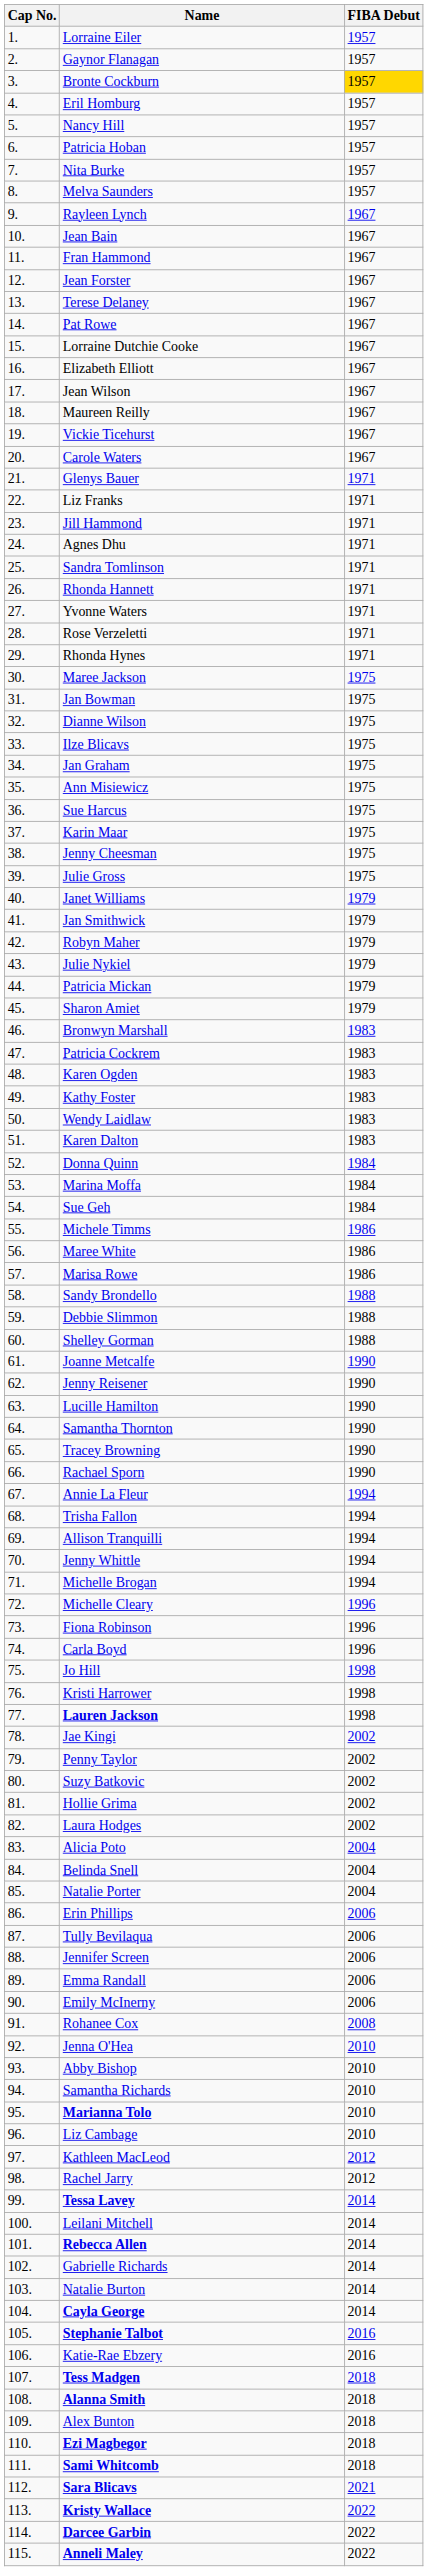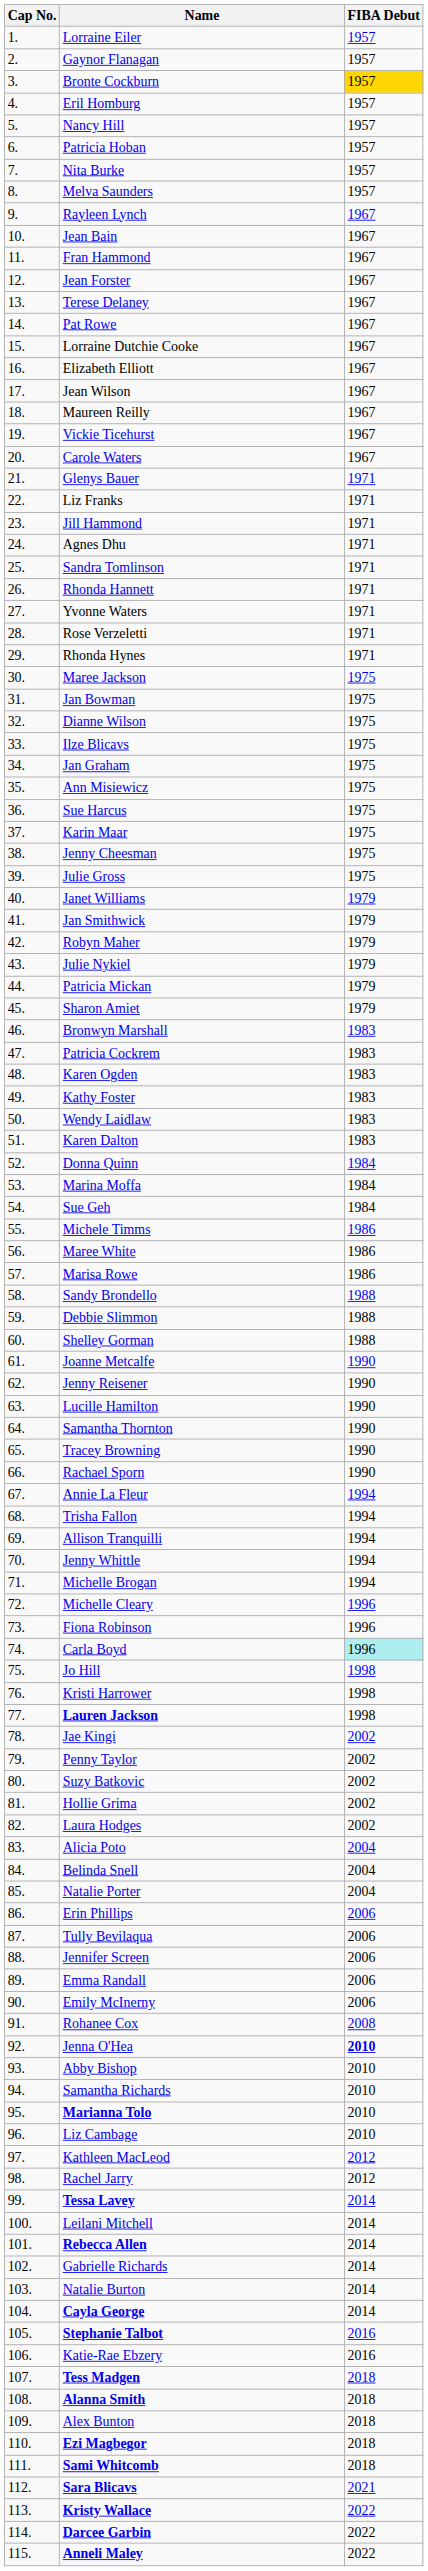 <table class="wikitable collapsible collapsed" style="text-align: left; font-size:100%">
 <tr>
 <th>Cap No.</th>
 <th style="width:20em">Name</th>
 <th>FIBA Debut</th>
 </tr>
 <tr>
 <td>1.</td>
 <td><a href='#'>Lorraine Eiler</a></td>
 <td><a href='#'>1957</a></td>
 </tr>
 <tr>
 <td>2.</td>
 <td><a href='#'>Gaynor Flanagan</a></td>
 <td>1957</td>
 </tr>
 <tr>
 <td>3.</td>
 <td><a href='#'>Bronte Cockburn</a></td>
 <td style="background: gold;">1957</td>
 </tr>
 <tr>
 <td>4.</td>
 <td><a href='#'>Eril Homburg</a></td>
 <td>1957</td>
 </tr>
 <tr>
 <td>5.</td>
 <td><a href='#'>Nancy Hill</a></td>
 <td>1957</td>
 </tr>
 <tr>
 <td>6.</td>
 <td><a href='#'>Patricia Hoban</a></td>
 <td>1957</td>
 </tr>
 <tr>
 <td>7.</td>
 <td><a href='#'>Nita Burke</a></td>
 <td>1957</td>
 </tr>
 <tr>
 <td>8.</td>
 <td><a href='#'>Melva Saunders</a></td>
 <td>1957</td>
 </tr>
 <tr>
 <td>9.</td>
 <td><a href='#'>Rayleen Lynch</a></td>
 <td><a href='#'>1967</a></td>
 </tr>
 <tr>
 <td>10.</td>
 <td><a href='#'>Jean Bain</a></td>
 <td>1967</td>
 </tr>
 <tr>
 <td>11.</td>
 <td><a href='#'>Fran Hammond</a></td>
 <td>1967</td>
 </tr>
 <tr>
 <td>12.</td>
 <td><a href='#'>Jean Forster</a></td>
 <td>1967</td>
 </tr>
 <tr>
 <td>13.</td>
 <td><a href='#'>Terese Delaney</a></td>
 <td>1967</td>
 </tr>
 <tr>
 <td>14.</td>
 <td><a href='#'>Pat Rowe</a></td>
 <td>1967</td>
 </tr>
 <tr>
 <td>15.</td>
 <td>Lorraine Dutchie Cooke</td>
 <td>1967</td>
 </tr>
 <tr>
 <td>16.</td>
 <td>Elizabeth Elliott</td>
 <td>1967</td>
 </tr>
 <tr>
 <td>17.</td>
 <td>Jean Wilson</td>
 <td>1967</td>
 </tr>
 <tr>
 <td>18.</td>
 <td>Maureen Reilly</td>
 <td>1967</td>
 </tr>
 <tr>
 <td>19.</td>
 <td><a href='#'>Vickie Ticehurst</a></td>
 <td>1967</td>
 </tr>
 <tr>
 <td>20.</td>
 <td><a href='#'>Carole Waters</a></td>
 <td>1967</td>
 </tr>
 <tr>
 <td>21.</td>
 <td><a href='#'>Glenys Bauer</a></td>
 <td><a href='#'>1971</a></td>
 </tr>
 <tr>
 <td>22.</td>
 <td>Liz Franks</td>
 <td>1971</td>
 </tr>
 <tr>
 <td>23.</td>
 <td><a href='#'>Jill Hammond</a></td>
 <td>1971</td>
 </tr>
 <tr>
 <td>24.</td>
 <td>Agnes Dhu</td>
 <td>1971</td>
 </tr>
 <tr>
 <td>25.</td>
 <td><a href='#'>Sandra Tomlinson</a></td>
 <td>1971</td>
 </tr>
 <tr>
 <td>26.</td>
 <td><a href='#'>Rhonda Hannett</a></td>
 <td>1971</td>
 </tr>
 <tr>
 <td>27.</td>
 <td>Yvonne Waters</td>
 <td>1971</td>
 </tr>
 <tr>
 <td>28.</td>
 <td>Rose Verzeletti</td>
 <td>1971</td>
 </tr>
 <tr>
 <td>29.</td>
 <td>Rhonda Hynes</td>
 <td>1971</td>
 </tr>
 <tr>
 <td>30.</td>
 <td><a href='#'>Maree Jackson</a></td>
 <td><a href='#'>1975</a></td>
 </tr>
 <tr>
 <td>31.</td>
 <td><a href='#'>Jan Bowman</a></td>
 <td>1975</td>
 </tr>
 <tr>
 <td>32.</td>
 <td><a href='#'>Dianne Wilson</a></td>
 <td>1975</td>
 </tr>
 <tr>
 <td>33.</td>
 <td><a href='#'>Ilze Blicavs</a></td>
 <td>1975</td>
 </tr>
 <tr>
 <td>34.</td>
 <td><a href='#'>Jan Graham</a></td>
 <td>1975</td>
 </tr>
 <tr>
 <td>35.</td>
 <td><a href='#'>Ann Misiewicz</a></td>
 <td>1975</td>
 </tr>
 <tr>
 <td>36.</td>
 <td><a href='#'>Sue Harcus</a></td>
 <td>1975</td>
 </tr>
 <tr>
 <td>37.</td>
 <td><a href='#'>Karin Maar</a></td>
 <td>1975</td>
 </tr>
 <tr>
 <td>38.</td>
 <td><a href='#'>Jenny Cheesman</a></td>
 <td>1975</td>
 </tr>
 <tr>
 <td>39.</td>
 <td><a href='#'>Julie Gross</a></td>
 <td>1975</td>
 </tr>
 <tr>
 <td>40.</td>
 <td><a href='#'>Janet Williams</a></td>
 <td><a href='#'>1979</a></td>
 </tr>
 <tr>
 <td>41.</td>
 <td><a href='#'>Jan Smithwick</a></td>
 <td>1979</td>
 </tr>
 <tr>
 <td>42.</td>
 <td><a href='#'>Robyn Maher</a></td>
 <td>1979</td>
 </tr>
 <tr>
 <td>43.</td>
 <td><a href='#'>Julie Nykiel</a></td>
 <td>1979</td>
 </tr>
 <tr>
 <td>44.</td>
 <td><a href='#'>Patricia Mickan</a></td>
 <td>1979</td>
 </tr>
 <tr>
 <td>45.</td>
 <td><a href='#'>Sharon Amiet</a></td>
 <td>1979</td>
 </tr>
 <tr>
 <td>46.</td>
 <td><a href='#'>Bronwyn Marshall</a></td>
 <td><a href='#'>1983</a></td>
 </tr>
 <tr>
 <td>47.</td>
 <td><a href='#'>Patricia Cockrem</a></td>
 <td>1983</td>
 </tr>
 <tr>
 <td>48.</td>
 <td><a href='#'>Karen Ogden</a></td>
 <td>1983</td>
 </tr>
 <tr>
 <td>49.</td>
 <td><a href='#'>Kathy Foster</a></td>
 <td>1983</td>
 </tr>
 <tr>
 <td>50.</td>
 <td><a href='#'>Wendy Laidlaw</a></td>
 <td>1983</td>
 </tr>
 <tr>
 <td>51.</td>
 <td><a href='#'>Karen Dalton</a></td>
 <td>1983</td>
 </tr>
 <tr>
 <td>52.</td>
 <td><a href='#'>Donna Quinn</a></td>
 <td><a href='#'>1984</a></td>
 </tr>
 <tr>
 <td>53.</td>
 <td><a href='#'>Marina Moffa</a></td>
 <td>1984</td>
 </tr>
 <tr>
 <td>54.</td>
 <td><a href='#'>Sue Geh</a> </td>
 <td>1984</td>
 </tr>
 <tr>
 <td>55.</td>
 <td><a href='#'>Michele Timms</a></td>
 <td><a href='#'>1986</a></td>
 </tr>
 <tr>
 <td>56.</td>
 <td><a href='#'>Maree White</a></td>
 <td>1986</td>
 </tr>
 <tr>
 <td>57.</td>
 <td><a href='#'>Marisa Rowe</a></td>
 <td>1986</td>
 </tr>
 <tr>
 <td>58.</td>
 <td><a href='#'>Sandy Brondello</a></td>
 <td><a href='#'>1988</a></td>
 </tr>
 <tr>
 <td>59.</td>
 <td><a href='#'>Debbie Slimmon</a></td>
 <td>1988</td>
 </tr>
 <tr>
 <td>60.</td>
 <td><a href='#'>Shelley Gorman</a></td>
 <td>1988</td>
 </tr>
 <tr>
 <td>61.</td>
 <td><a href='#'>Joanne Metcalfe</a></td>
 <td><a href='#'>1990</a></td>
 </tr>
 <tr>
 <td>62.</td>
 <td><a href='#'>Jenny Reisener</a></td>
 <td>1990</td>
 </tr>
 <tr>
 <td>63.</td>
 <td><a href='#'>Lucille Hamilton</a></td>
 <td>1990</td>
 </tr>
 <tr>
 <td>64.</td>
 <td><a href='#'>Samantha Thornton</a></td>
 <td>1990</td>
 </tr>
 <tr>
 <td>65.</td>
 <td><a href='#'>Tracey Browning</a></td>
 <td>1990</td>
 </tr>
 <tr>
 <td>66.</td>
 <td><a href='#'>Rachael Sporn</a></td>
 <td>1990</td>
 </tr>
 <tr>
 <td>67.</td>
 <td><a href='#'>Annie La Fleur</a></td>
 <td><a href='#'>1994</a></td>
 </tr>
 <tr>
 <td>68.</td>
 <td><a href='#'>Trisha Fallon</a></td>
 <td>1994</td>
 </tr>
 <tr>
 <td>69.</td>
 <td><a href='#'>Allison Tranquilli</a></td>
 <td>1994</td>
 </tr>
 <tr>
 <td>70.</td>
 <td><a href='#'>Jenny Whittle</a></td>
 <td>1994</td>
 </tr>
 <tr>
 <td>71.</td>
 <td><a href='#'>Michelle Brogan</a></td>
 <td>1994</td>
 </tr>
 <tr>
 <td>72.</td>
 <td><a href='#'>Michelle Cleary</a></td>
 <td><a href='#'>1996</a></td>
 </tr>
 <tr>
 <td>73.</td>
 <td><a href='#'>Fiona Robinson</a></td>
 <td>1996</td>
 </tr>
 <tr>
 <td>74.</td>
 <td><a href='#'>Carla Boyd</a></td>
-<td>1996</td>
+<td style="background: paleturquoise;">1996</td>
 </tr>
 <tr>
 <td>75.</td>
 <td><a href='#'>Jo Hill</a></td>
 <td><a href='#'>1998</a></td>
 </tr>
 <tr>
 <td>76.</td>
 <td><a href='#'>Kristi Harrower</a></td>
 <td>1998</td>
 </tr>
 <tr>
 <td>77.</td>
 <td><strong><a href='#'>Lauren Jackson</a></strong></td>
 <td>1998</td>
 </tr>
 <tr>
 <td>78.</td>
 <td><a href='#'>Jae Kingi</a></td>
 <td><a href='#'>2002</a></td>
 </tr>
 <tr>
 <td>79.</td>
 <td><a href='#'>Penny Taylor</a></td>
 <td>2002</td>
 </tr>
 <tr>
 <td>80.</td>
 <td><a href='#'>Suzy Batkovic</a></td>
 <td>2002</td>
 </tr>
 <tr>
 <td>81.</td>
 <td><a href='#'>Hollie Grima</a></td>
 <td>2002</td>
 </tr>
 <tr>
 <td>82.</td>
 <td><a href='#'>Laura Hodges</a></td>
 <td>2002</td>
 </tr>
 <tr>
 <td>83.</td>
 <td><a href='#'>Alicia Poto</a></td>
 <td><a href='#'>2004</a></td>
 </tr>
 <tr>
 <td>84.</td>
 <td><a href='#'>Belinda Snell</a></td>
 <td>2004</td>
 </tr>
 <tr>
 <td>85.</td>
 <td><a href='#'>Natalie Porter</a></td>
 <td>2004</td>
 </tr>
 <tr>
 <td>86.</td>
 <td><a href='#'>Erin Phillips</a></td>
 <td><a href='#'>2006</a></td>
 </tr>
 <tr>
 <td>87.</td>
 <td><a href='#'>Tully Bevilaqua</a></td>
 <td>2006</td>
 </tr>
 <tr>
 <td>88.</td>
 <td><a href='#'>Jennifer Screen</a></td>
 <td>2006</td>
 </tr>
 <tr>
 <td>89.</td>
 <td><a href='#'>Emma Randall</a></td>
 <td>2006</td>
 </tr>
 <tr>
 <td>90.</td>
 <td><a href='#'>Emily McInerny</a></td>
 <td>2006</td>
 </tr>
 <tr>
 <td>91.</td>
 <td><a href='#'>Rohanee Cox</a></td>
 <td><a href='#'>2008</a></td>
 </tr>
 <tr>
 <td>92.</td>
 <td><a href='#'>Jenna O'Hea</a></td>
-<td><a href='#'>2010</a></td>
+<td><strong><a href='#'>2010</a></strong></td>
 </tr>
 <tr>
 <td>93.</td>
 <td><a href='#'>Abby Bishop</a></td>
 <td>2010</td>
 </tr>
 <tr>
 <td>94.</td>
 <td><a href='#'>Samantha Richards</a></td>
 <td>2010</td>
 </tr>
 <tr>
 <td>95.</td>
 <td><strong><a href='#'>Marianna Tolo</a></strong></td>
 <td>2010</td>
 </tr>
 <tr>
 <td>96.</td>
 <td><a href='#'>Liz Cambage</a></td>
 <td>2010</td>
 </tr>
 <tr>
 <td>97.</td>
 <td><a href='#'>Kathleen MacLeod</a></td>
 <td><a href='#'>2012</a></td>
 </tr>
 <tr>
 <td>98.</td>
 <td><a href='#'>Rachel Jarry</a></td>
 <td>2012</td>
 </tr>
 <tr>
 <td>99.</td>
 <td><strong><a href='#'>Tessa Lavey</a></strong></td>
 <td><a href='#'>2014</a></td>
 </tr>
 <tr>
 <td>100.</td>
 <td><a href='#'>Leilani Mitchell</a></td>
 <td>2014</td>
 </tr>
 <tr>
 <td>101.</td>
 <td><strong><a href='#'>Rebecca Allen</a></strong></td>
 <td>2014</td>
 </tr>
 <tr>
 <td>102.</td>
 <td><a href='#'>Gabrielle Richards</a></td>
 <td>2014</td>
 </tr>
 <tr>
 <td>103.</td>
 <td><a href='#'>Natalie Burton</a></td>
 <td>2014</td>
 </tr>
 <tr>
 <td>104.</td>
 <td><strong><a href='#'>Cayla George</a></strong></td>
 <td>2014</td>
 </tr>
 <tr>
 <td>105.</td>
 <td><strong><a href='#'>Stephanie Talbot</a></strong></td>
 <td><a href='#'>2016</a></td>
 </tr>
 <tr>
 <td>106.</td>
 <td><a href='#'>Katie-Rae Ebzery</a></td>
 <td>2016</td>
 </tr>
 <tr>
 <td>107.</td>
 <td><strong><a href='#'>Tess Madgen</a></strong></td>
 <td><a href='#'>2018</a></td>
 </tr>
 <tr>
 <td>108.</td>
 <td><strong><a href='#'>Alanna Smith</a></strong></td>
 <td>2018</td>
 </tr>
 <tr>
 <td>109.</td>
 <td><a href='#'>Alex Bunton</a></td>
 <td>2018</td>
 </tr>
 <tr>
 <td>110.</td>
 <td><strong><a href='#'>Ezi Magbegor</a></strong></td>
 <td>2018</td>
 </tr>
 <tr>
 <td>111.</td>
 <td><strong><a href='#'>Sami Whitcomb</a></strong></td>
 <td>2018</td>
 </tr>
 <tr>
 <td>112.</td>
 <td><strong><a href='#'>Sara Blicavs</a></strong></td>
 <td><a href='#'>2021</a></td>
 </tr>
 <tr>
 <td>113.</td>
 <td><strong><a href='#'>Kristy Wallace</a></strong></td>
 <td><a href='#'>2022</a></td>
 </tr>
 <tr>
 <td>114.</td>
 <td><strong><a href='#'>Darcee Garbin</a></strong></td>
 <td>2022</td>
 </tr>
 <tr>
 <td>115.</td>
 <td><strong><a href='#'>Anneli Maley</a></strong></td>
 <td>2022</td>
 </tr>
 </table>
